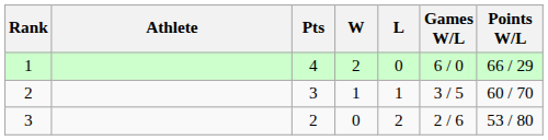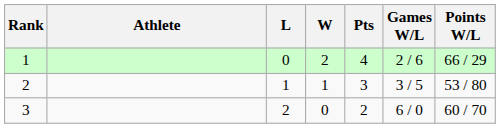 <table class="wikitable" style="text-align: center; font-size:90% ">
 <tr>
 <th width="20">Rank</th>
 <th width="200">Athlete</th>
+<th width="30">L</th>
+<th width="30">W</th>
 <th width="30">Pts</th>
-<th width="30">W</th>
-<th width="30">L</th>
 <th width="40">Games<br>W/L</th>
 <th width="50">Points<br>W/L</th>
 </tr>
 <tr bgcolor=#ccffcc>
 <td>1</td>
 <td align=left></td>
+<td>0</td>
+<td>2</td>
 <td>4</td>
-<td>2</td>
-<td>0</td>
-<td>6 / 0</td>
+<td>2 / 6</td>
 <td>66 / 29</td>
 </tr>
 <tr>
 <td>2</td>
 <td align=left></td>
-<td>3</td>
 <td>1</td>
 <td>1</td>
+<td>3</td>
 <td>3 / 5</td>
-<td>60 / 70</td>
+<td>53 / 80</td>
 </tr>
 <tr>
 <td>3</td>
 <td align=left></td>
 <td>2</td>
 <td>0</td>
 <td>2</td>
-<td>2 / 6</td>
-<td>53 / 80</td>
+<td>6 / 0</td>
+<td>60 / 70</td>
 </tr>
 </table>
